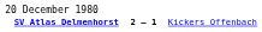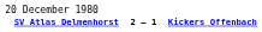 <table width=100% cellspacing=1>
 <tr>
 <th width=25%></th>
 <th width=10%></th>
 <th width=25%></th>
 <th></th>
 </tr>
 <tr>
 <td>20 December 1980</td>
 </tr>
 <tr style=font-size:90%>
 <td align=right><strong><a href='#'>SV Atlas Delmenhorst</a></strong></td>
 <td align=center><strong>2 – 1</strong></td>
-<td><a href='#'>Kickers Offenbach</a></td>
+<td><strong><a href='#'>Kickers Offenbach</a></strong></td>
 </tr>
 </table>
